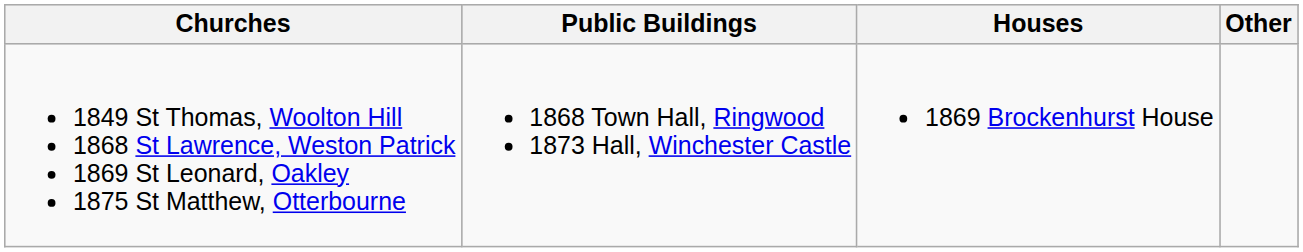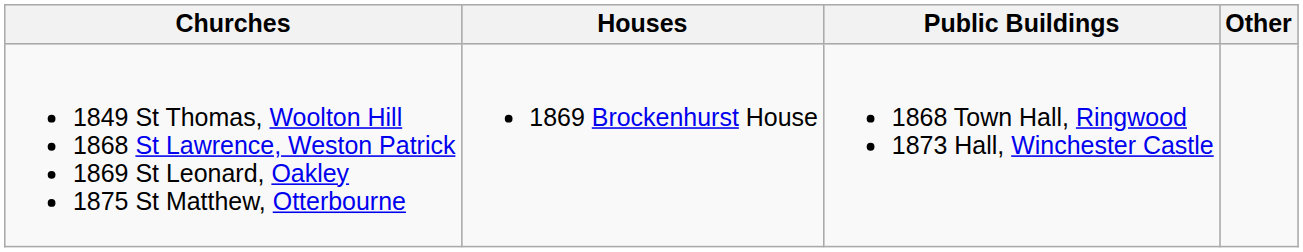 <table class="wikitable">
 <tr>
 <th>Churches</th>
+<th>Houses</th>
 <th>Public Buildings</th>
-<th>Houses</th>
 <th>Other</th>
 </tr>
 <tr valign="top">
 <td><br><ul><li>1849 St Thomas, <a href='#'>Woolton Hill</a></li><li>1868 <a href='#'>St Lawrence, Weston Patrick</a></li><li>1869 St Leonard, <a href='#'>Oakley</a></li><li>1875 St Matthew, <a href='#'>Otterbourne</a></li></ul></td>
+<td><br><ul><li>1869 <a href='#'>Brockenhurst</a> House</li></ul></td>
 <td><br><ul><li>1868 Town Hall, <a href='#'>Ringwood</a></li><li>1873 Hall, <a href='#'>Winchester Castle</a></li></ul></td>
-<td><br><ul><li>1869 <a href='#'>Brockenhurst</a> House</li></ul></td>
 <td></td>
 </tr>
 </table>
